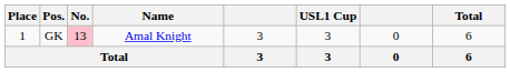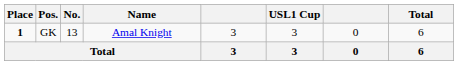 <table class="wikitable sortable" style="font-size: 95%; text-align: center;">
 <tr>
 <th width=20>Place</th>
 <th width=20>Pos.</th>
 <th width=20>No.</th>
 <th width=150>Name</th>
 <th width=80></th>
 <th>USL1 Cup</th>
 <th width="80"></th>
 <th width=80><strong>Total</strong></th>
 </tr>
 <tr>
-<td>1</td>
+<td><strong>1</strong></td>
 <td>GK</td>
-<td style="background: pink;">13</td>
+<td>13</td>
 <td> <a href='#'>Amal Knight</a></td>
 <td>3</td>
 <td>3</td>
 <td>0</td>
 <td>6</td>
 </tr>
 <tr>
 <th colspan="4">Total</th>
 <th>3</th>
 <th>3</th>
 <th>0</th>
 <th>6</th>
 </tr>
 </table>
